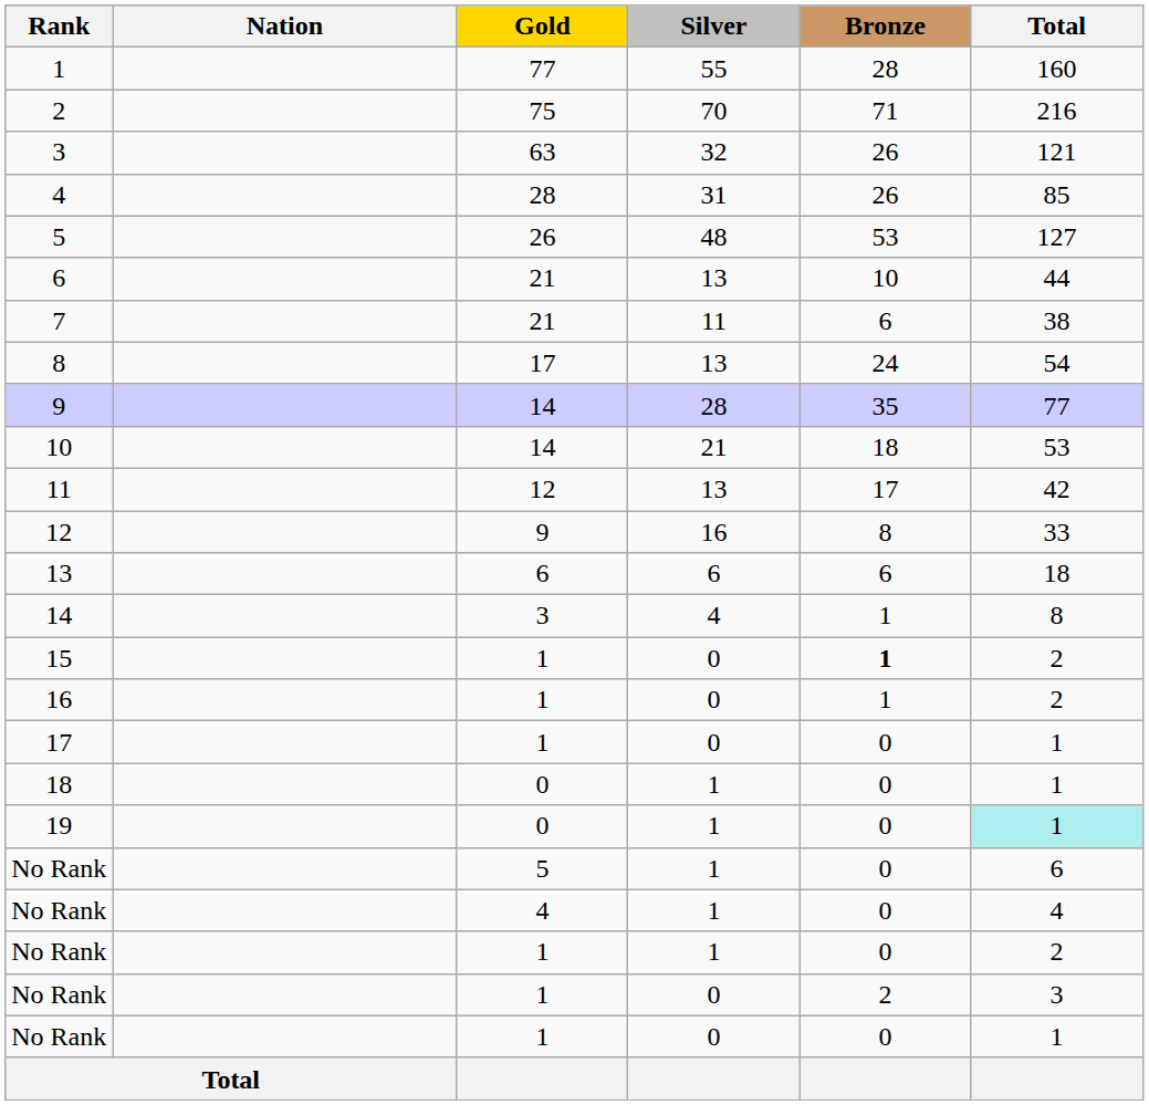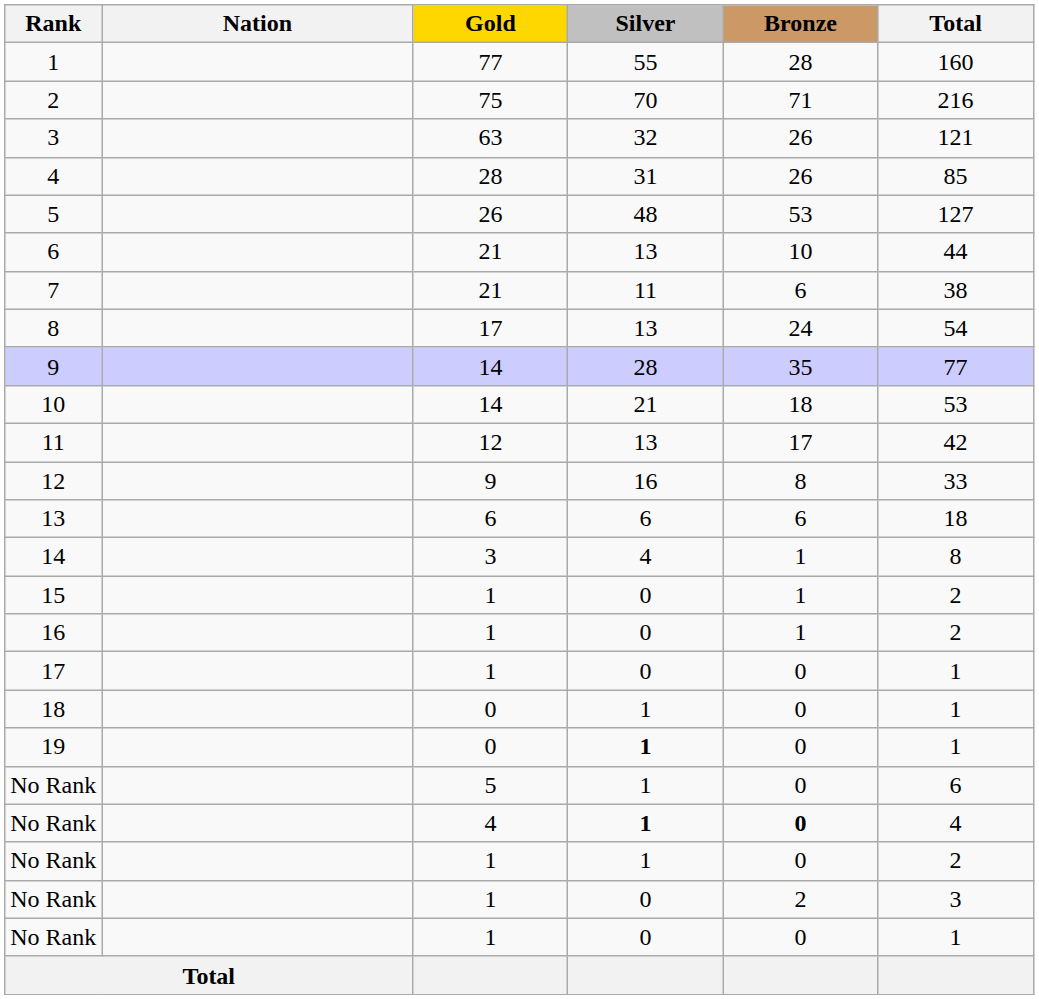 <table class="wikitable sortable plainrowheaders" style="text-align: center">
 <tr>
 <th scope="col">Rank</th>
 <th scope="col" style="width:200px">Nation</th>
 <th scope="col" style="background-color:gold; width:6em;">Gold</th>
 <th scope="col" style="background-color:silver; width:6em;">Silver</th>
 <th scope="col" style="background-color:#cc9966; width:6em;">Bronze</th>
 <th scope="col" style="width:6em;">Total</th>
 </tr>
 <tr>
 <td>1</td>
 <td align=left></td>
 <td>77</td>
 <td>55</td>
 <td>28</td>
 <td>160</td>
 </tr>
 <tr>
 <td>2</td>
 <td align=left></td>
 <td>75</td>
 <td>70</td>
 <td>71</td>
 <td>216</td>
 </tr>
 <tr>
 <td>3</td>
 <td align=left></td>
 <td>63</td>
 <td>32</td>
 <td>26</td>
 <td>121</td>
 </tr>
 <tr>
 <td>4</td>
 <td align=left></td>
 <td>28</td>
 <td>31</td>
 <td>26</td>
 <td>85</td>
 </tr>
 <tr>
 <td>5</td>
 <td align=left></td>
 <td>26</td>
 <td>48</td>
 <td>53</td>
 <td>127</td>
 </tr>
 <tr>
 <td>6</td>
 <td align=left></td>
 <td>21</td>
 <td>13</td>
 <td>10</td>
 <td>44</td>
 </tr>
 <tr>
 <td>7</td>
 <td align=left></td>
 <td>21</td>
 <td>11</td>
 <td>6</td>
 <td>38</td>
 </tr>
 <tr>
 <td>8</td>
 <td align=left></td>
 <td>17</td>
 <td>13</td>
 <td>24</td>
 <td>54</td>
 </tr>
 <tr style="background:#ccf;">
 <td>9</td>
 <td align=left></td>
 <td>14</td>
 <td>28</td>
 <td>35</td>
 <td>77</td>
 </tr>
 <tr>
 <td>10</td>
 <td align=left></td>
 <td>14</td>
 <td>21</td>
 <td>18</td>
 <td>53</td>
 </tr>
 <tr>
 <td>11</td>
 <td align=left></td>
 <td>12</td>
 <td>13</td>
 <td>17</td>
 <td>42</td>
 </tr>
 <tr>
 <td>12</td>
 <td align=left></td>
 <td>9</td>
 <td>16</td>
 <td>8</td>
 <td>33</td>
 </tr>
 <tr>
 <td>13</td>
 <td align=left></td>
 <td>6</td>
 <td>6</td>
 <td>6</td>
 <td>18</td>
 </tr>
 <tr>
 <td>14</td>
 <td align=left></td>
 <td>3</td>
 <td>4</td>
 <td>1</td>
 <td>8</td>
 </tr>
 <tr>
 <td>15</td>
 <td align=left></td>
 <td>1</td>
 <td>0</td>
-<td><strong>1</strong></td>
+<td>1</td>
 <td>2</td>
 </tr>
 <tr>
 <td>16</td>
 <td align=left></td>
 <td>1</td>
 <td>0</td>
 <td>1</td>
 <td>2</td>
 </tr>
 <tr>
 <td>17</td>
 <td align=left></td>
 <td>1</td>
 <td>0</td>
 <td>0</td>
 <td>1</td>
 </tr>
 <tr>
 <td>18</td>
 <td align=left></td>
 <td>0</td>
 <td>1</td>
 <td>0</td>
 <td>1</td>
 </tr>
 <tr>
 <td>19</td>
 <td align=left></td>
 <td>0</td>
+<td><strong>1</strong></td>
+<td>0</td>
 <td>1</td>
-<td>0</td>
-<td style="background: paleturquoise;">1</td>
 </tr>
 <tr>
 <td>No Rank</td>
 <td align=left></td>
 <td>5</td>
 <td>1</td>
 <td>0</td>
 <td>6</td>
 </tr>
 <tr>
 <td>No Rank</td>
 <td align=left></td>
 <td>4</td>
-<td>1</td>
-<td>0</td>
+<td><strong>1</strong></td>
+<td><strong>0</strong></td>
 <td>4</td>
 </tr>
 <tr>
 <td>No Rank</td>
 <td align=left></td>
 <td>1</td>
 <td>1</td>
 <td>0</td>
 <td>2</td>
 </tr>
 <tr>
 <td>No Rank</td>
 <td align=left></td>
 <td>1</td>
 <td>0</td>
 <td>2</td>
 <td>3</td>
 </tr>
 <tr>
 <td>No Rank</td>
 <td align=left></td>
 <td>1</td>
 <td>0</td>
 <td>0</td>
 <td>1</td>
 </tr>
 <tr>
 <th colspan=2>Total</th>
 <th></th>
 <th></th>
 <th></th>
 <th></th>
 </tr>
 </table>
